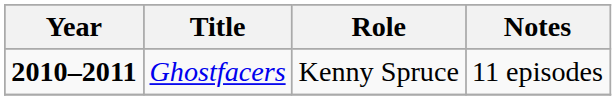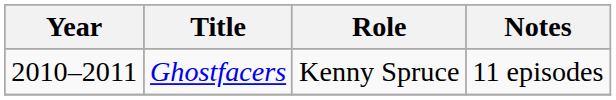 <table class="wikitable sortable">
 <tr>
 <th>Year</th>
 <th>Title</th>
 <th>Role</th>
 <th class="unsortable">Notes</th>
 </tr>
 <tr>
-<td><strong>2010–2011</strong></td>
+<td>2010–2011</td>
 <td><em><a href='#'>Ghostfacers</a></em></td>
 <td>Kenny Spruce</td>
 <td>11 episodes</td>
 </tr>
 <tr>
 </tr>
 </table>
